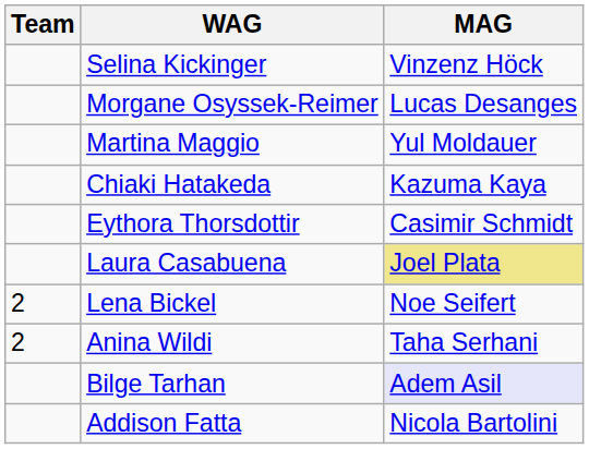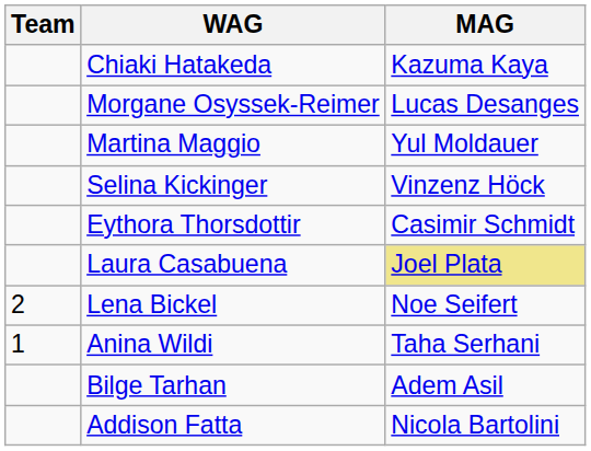 <table class="wikitable">
 <tr>
 <th style="text-align:center;">Team</th>
 <th style="text-align:center;">WAG</th>
 <th style="text-align:center;">MAG</th>
 </tr>
 <tr>
 <td></td>
-<td><a href='#'>Selina Kickinger</a></td>
-<td><a href='#'>Vinzenz Höck</a></td>
+<td><a href='#'>Chiaki Hatakeda</a></td>
+<td><a href='#'>Kazuma Kaya</a></td>
 </tr>
 <tr>
 <td></td>
 <td><a href='#'>Morgane Osyssek-Reimer</a></td>
 <td><a href='#'>Lucas Desanges</a></td>
 </tr>
 <tr>
 <td></td>
 <td><a href='#'>Martina Maggio</a></td>
 <td><a href='#'>Yul Moldauer</a></td>
 </tr>
 <tr>
 <td></td>
-<td><a href='#'>Chiaki Hatakeda</a></td>
-<td><a href='#'>Kazuma Kaya</a></td>
+<td><a href='#'>Selina Kickinger</a></td>
+<td><a href='#'>Vinzenz Höck</a></td>
 </tr>
 <tr>
 <td></td>
 <td><a href='#'>Eythora Thorsdottir</a></td>
 <td><a href='#'>Casimir Schmidt</a></td>
 </tr>
 <tr>
 <td></td>
 <td><a href='#'>Laura Casabuena</a></td>
 <td style="background: khaki;"><a href='#'>Joel Plata</a></td>
 </tr>
 <tr>
 <td> 2</td>
 <td><a href='#'>Lena Bickel</a></td>
 <td><a href='#'>Noe Seifert</a></td>
 </tr>
 <tr>
-<td> 2</td>
+<td> 1</td>
 <td><a href='#'>Anina Wildi</a></td>
 <td><a href='#'>Taha Serhani</a></td>
 </tr>
 <tr>
 <td></td>
 <td><a href='#'>Bilge Tarhan</a></td>
-<td style="background: lavender;"><a href='#'>Adem Asil</a></td>
+<td><a href='#'>Adem Asil</a></td>
 </tr>
 <tr>
 <td></td>
 <td><a href='#'>Addison Fatta</a></td>
 <td><a href='#'>Nicola Bartolini</a></td>
 </tr>
 </table>
